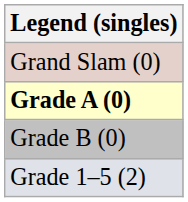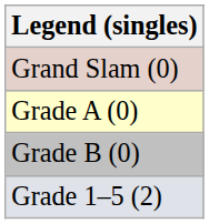 <table class=wikitable>
 <tr>
 <th>Legend (singles)</th>
 </tr>
 <tr style="background:#e5d1cb;">
 <td>Grand Slam (0)</td>
 </tr>
 <tr style="background:#ffc;">
-<td><strong>Grade A (0)</strong></td>
+<td>Grade A (0)</td>
 </tr>
 <tr style="background:silver;">
 <td>Grade B (0)</td>
 </tr>
 <tr style="background:#dfe2e9;">
 <td>Grade 1–5 (2)</td>
 </tr>
 </table>
